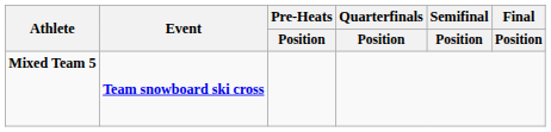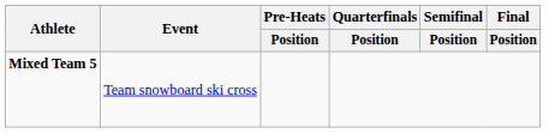 <table class="wikitable" style="font-size:90%">
 <tr>
 <th rowspan="2">Athlete</th>
 <th rowspan="2">Event</th>
 <th>Pre-Heats</th>
 <th>Quarterfinals</th>
 <th>Semifinal</th>
 <th>Final</th>
 </tr>
 <tr style="font-size:95%">
 <th>Position</th>
 <th>Position</th>
 <th>Position</th>
 <th>Position</th>
 </tr>
 <tr align=center>
 <td align=left><strong>Mixed Team 5</strong><br><small><br><br><br></small></td>
-<td align=left><strong><a href='#'>Team snowboard ski cross</a></strong></td>
+<td align=left><a href='#'>Team snowboard ski cross</a></td>
 <td></td>
 <td colspan=3></td>
 </tr>
 </table>
